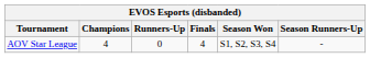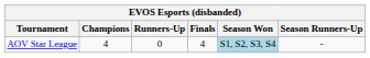 <table class="wikitable" style="font-size:80%; text-align:center;">
 <tr>
 <td colspan="6" style="background-color:#f2f2f2;"> <strong>EVOS Esports (disbanded)</strong></td>
 </tr>
 <tr>
 <th>Tournament</th>
 <th>Champions</th>
 <th>Runners-Up</th>
 <th>Finals</th>
 <th>Season Won</th>
 <th>Season Runners-Up</th>
 </tr>
 <tr>
 <td><a href='#'>AOV Star League</a></td>
 <td>4</td>
 <td>0</td>
 <td>4</td>
-<td>S1, S2, S3, S4</td>
+<td style="background: lightblue;">S1, S2, S3, S4</td>
 <td>-</td>
 </tr>
 </table>
